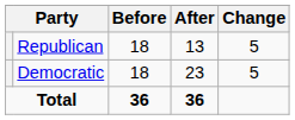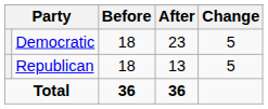 <table class="wikitable" style="text-align:center;">
 <tr>
 </tr>
 <tr>
 <th colspan=2>Party</th>
 <th>Before</th>
 <th>After</th>
 <th>Change</th>
 </tr>
 <tr>
 <th style="background-color:"></th>
-<td style="text-align:left;"><a href='#'>Republican</a></td>
+<td style="text-align:left;"><a href='#'>Democratic</a></td>
 <td>18</td>
-<td>13</td>
+<td>23</td>
 <td> 5</td>
 </tr>
 <tr>
 <th style="background-color:"></th>
-<td style="text-align:left;"><a href='#'>Democratic</a></td>
+<td style="text-align:left;"><a href='#'>Republican</a></td>
 <td>18</td>
-<td>23</td>
+<td>13</td>
 <td> 5</td>
 </tr>
 <tr>
 <td colspan=2><strong>Total</strong></td>
 <td><strong>36</strong></td>
 <td><strong>36</strong></td>
 <td></td>
 </tr>
 </table>
